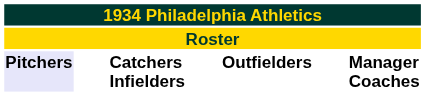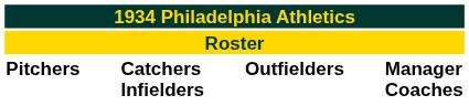 <table class="toccolours" style="font-size: 95%;">
 <tr>
 <th colspan="10" style="background-color: #003831; color: #FFD800; text-align: center;">1934 Philadelphia Athletics</th>
 </tr>
 <tr>
 <td colspan="10" style="background-color: #FFD800; color: #003831; text-align: center;"><strong>Roster</strong></td>
 </tr>
 <tr>
-<td valign="top" style="background: lavender;"><strong>Pitchers</strong><br>              </td>
+<td valign="top"><strong>Pitchers</strong><br>              </td>
 <td width="25px"></td>
 <td valign="top"><strong>Catchers</strong><br>    <strong>Infielders</strong>     </td>
 <td width="25px"></td>
 <td valign="top"><strong>Outfielders</strong><br>     </td>
 <td width="25px"></td>
 <td valign="top"><strong>Manager</strong><br> <strong>Coaches</strong>   </td>
 </tr>
 </table>
